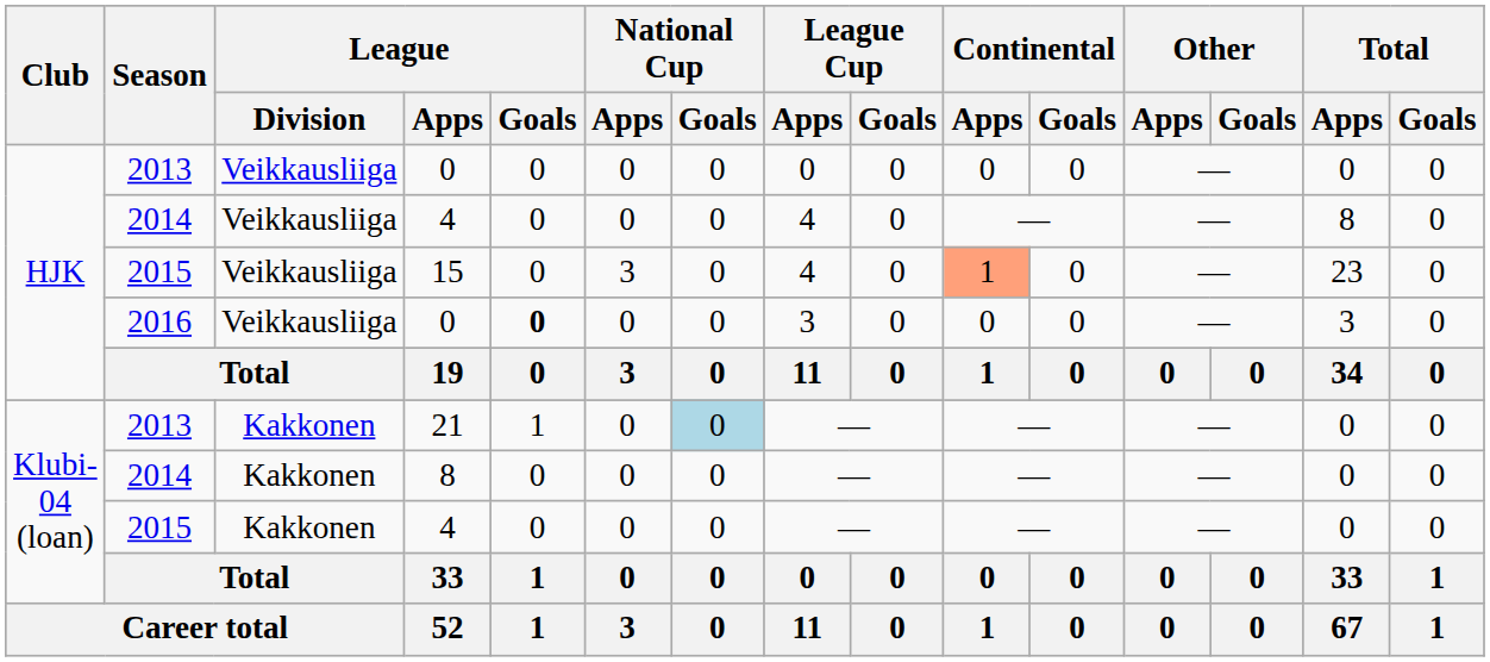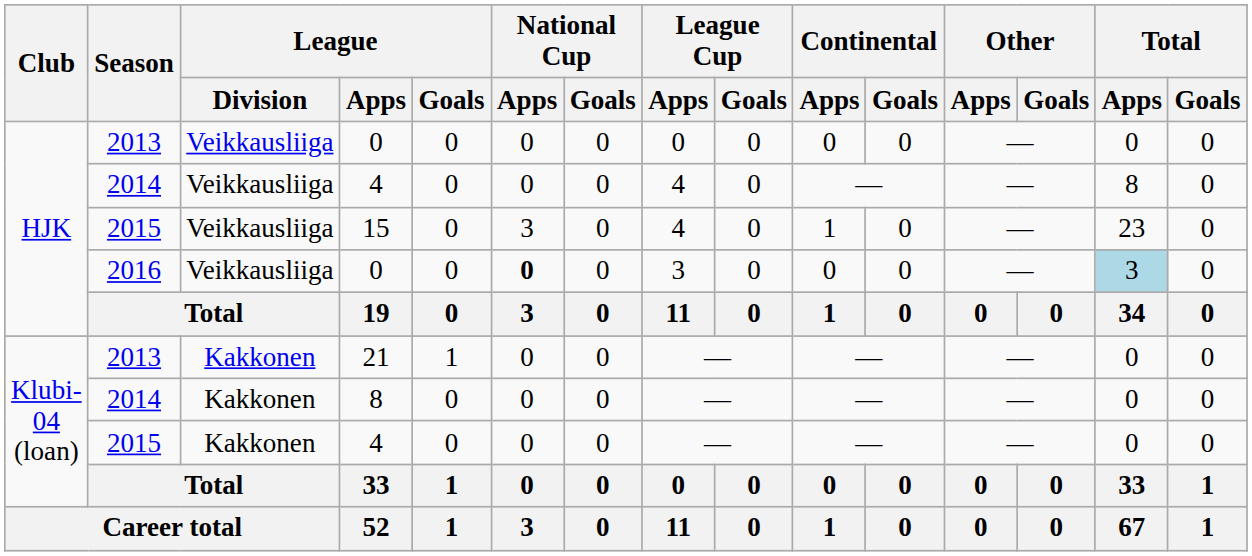 <table class="wikitable" style="text-align: center;">
 <tr>
 <th rowspan="2">Club</th>
 <th rowspan="2">Season</th>
 <th colspan="3">League</th>
 <th colspan="2">National Cup</th>
 <th colspan="2">League Cup</th>
 <th colspan="2">Continental</th>
 <th colspan="2">Other</th>
 <th colspan="2">Total</th>
 </tr>
 <tr>
 <th>Division</th>
 <th>Apps</th>
 <th>Goals</th>
 <th>Apps</th>
 <th>Goals</th>
 <th>Apps</th>
 <th>Goals</th>
 <th>Apps</th>
 <th>Goals</th>
 <th>Apps</th>
 <th>Goals</th>
 <th>Apps</th>
 <th>Goals</th>
 </tr>
 <tr>
 <td rowspan="5" valign="center"><a href='#'>HJK</a></td>
 <td><a href='#'>2013</a></td>
 <td><a href='#'>Veikkausliiga</a></td>
 <td>0</td>
 <td>0</td>
 <td>0</td>
 <td>0</td>
 <td>0</td>
 <td>0</td>
 <td>0</td>
 <td>0</td>
 <td colspan="2">—</td>
 <td>0</td>
 <td>0</td>
 </tr>
 <tr>
 <td><a href='#'>2014</a></td>
 <td>Veikkausliiga</td>
 <td>4</td>
 <td>0</td>
 <td>0</td>
 <td>0</td>
 <td>4</td>
 <td>0</td>
 <td colspan="2">—</td>
 <td colspan="2">—</td>
 <td>8</td>
 <td>0</td>
 </tr>
 <tr>
 <td><a href='#'>2015</a></td>
 <td>Veikkausliiga</td>
 <td>15</td>
 <td>0</td>
 <td>3</td>
 <td>0</td>
 <td>4</td>
 <td>0</td>
-<td style="background: lightsalmon;">1</td>
+<td>1</td>
 <td>0</td>
 <td colspan="2">—</td>
 <td>23</td>
 <td>0</td>
 </tr>
 <tr>
 <td><a href='#'>2016</a></td>
 <td>Veikkausliiga</td>
 <td>0</td>
+<td>0</td>
 <td><strong>0</strong></td>
-<td>0</td>
 <td>0</td>
 <td>3</td>
 <td>0</td>
 <td>0</td>
 <td>0</td>
 <td colspan="2">—</td>
-<td>3</td>
+<td style="background: lightblue;">3</td>
 <td>0</td>
 </tr>
 <tr>
 <th colspan="2">Total</th>
 <th>19</th>
 <th>0</th>
 <th>3</th>
 <th>0</th>
 <th>11</th>
 <th>0</th>
 <th>1</th>
 <th>0</th>
 <th>0</th>
 <th>0</th>
 <th>34</th>
 <th>0</th>
 </tr>
 <tr>
 <td rowspan="4" valign="center"><a href='#'>Klubi-04</a> (loan)</td>
 <td><a href='#'>2013</a></td>
 <td><a href='#'>Kakkonen</a></td>
 <td>21</td>
 <td>1</td>
 <td>0</td>
-<td style="background: lightblue;">0</td>
+<td>0</td>
 <td colspan="2">—</td>
 <td colspan="2">—</td>
 <td colspan="2">—</td>
 <td>0</td>
 <td>0</td>
 </tr>
 <tr>
 <td><a href='#'>2014</a></td>
 <td>Kakkonen</td>
 <td>8</td>
 <td>0</td>
 <td>0</td>
 <td>0</td>
 <td colspan="2">—</td>
 <td colspan="2">—</td>
 <td colspan="2">—</td>
 <td>0</td>
 <td>0</td>
 </tr>
 <tr>
 <td><a href='#'>2015</a></td>
 <td>Kakkonen</td>
 <td>4</td>
 <td>0</td>
 <td>0</td>
 <td>0</td>
 <td colspan="2">—</td>
 <td colspan="2">—</td>
 <td colspan="2">—</td>
 <td>0</td>
 <td>0</td>
 </tr>
 <tr>
 <th colspan="2">Total</th>
 <th>33</th>
 <th>1</th>
 <th>0</th>
 <th>0</th>
 <th>0</th>
 <th>0</th>
 <th>0</th>
 <th>0</th>
 <th>0</th>
 <th>0</th>
 <th>33</th>
 <th>1</th>
 </tr>
 <tr>
 <th colspan="3">Career total</th>
 <th>52</th>
 <th>1</th>
 <th>3</th>
 <th>0</th>
 <th>11</th>
 <th>0</th>
 <th>1</th>
 <th>0</th>
 <th>0</th>
 <th>0</th>
 <th>67</th>
 <th>1</th>
 </tr>
 </table>
